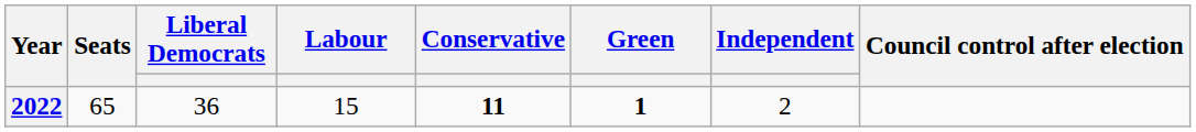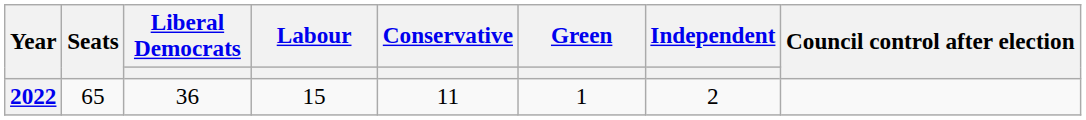 <table class="wikitable plainrowheaders" style=text-align:center>
 <tr>
 <th rowspan=2>Year</th>
 <th rowspan=2>Seats</th>
 <th width="80"><a href='#'>Liberal Democrats</a></th>
 <th width="80"><a href='#'>Labour</a></th>
 <th width="80"><a href='#'>Conservative</a></th>
 <th width="80"><a href='#'>Green</a></th>
 <th width="80"><a href='#'>Independent</a></th>
 <th rowspan=2 colspan=2>Council control after election</th>
 </tr>
 <tr>
 <th style="background-color: "></th>
 <th style="background-color: "></th>
 <th style="background-color: "></th>
 <th style="background-color: "></th>
 <th style="background-color: "></th>
 </tr>
 <tr>
 <th scope="row"><a href='#'>2022</a></th>
 <td>65</td>
 <td>36</td>
 <td>15</td>
-<td><strong>11</strong></td>
-<td><strong>1</strong></td>
+<td>11</td>
+<td>1</td>
 <td>2</td>
 <td></td>
 </tr>
 </table>
